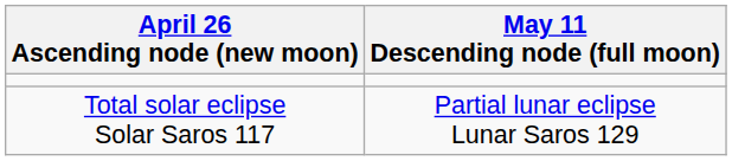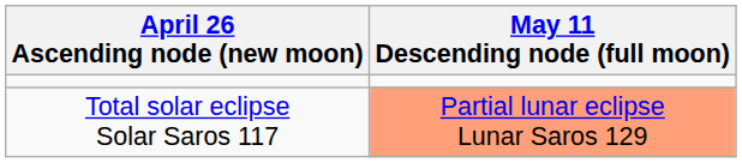 <table class="wikitable">
 <tr>
 <th><a href='#'>April 26</a><br>Ascending node (new moon)<br></th>
 <th><a href='#'>May 11</a><br>Descending node (full moon)<br></th>
 </tr>
 <tr>
 <td></td>
 <td></td>
 </tr>
 <tr align=center>
 <td><a href='#'>Total solar eclipse</a><br>Solar Saros 117</td>
-<td><a href='#'>Partial lunar eclipse</a><br>Lunar Saros 129</td>
+<td style="background: lightsalmon;"><a href='#'>Partial lunar eclipse</a><br>Lunar Saros 129</td>
 </tr>
 </table>
